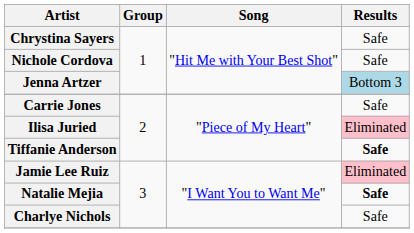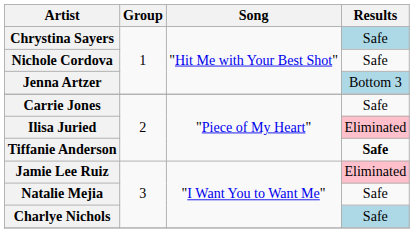 <table class="wikitable plainrowheaders" style="text-align:center;">
 <tr>
 <th scope="col">Artist</th>
 <th scope="col">Group</th>
 <th scope="col">Song</th>
 <th scope="col">Results</th>
 </tr>
 <tr>
 <th scope="row">Chrystina Sayers</th>
 <td rowspan="3">1</td>
 <td rowspan="3">"<a href='#'>Hit Me with Your Best Shot</a>"</td>
-<td>Safe</td>
+<td style="background: lightblue;">Safe</td>
 </tr>
 <tr>
 <th scope="row">Nichole Cordova</th>
 <td>Safe</td>
 </tr>
 <tr>
 <th scope="row">Jenna Artzer</th>
 <td style="background:lightblue;">Bottom 3</td>
 </tr>
 <tr>
 </tr>
 <tr>
 <th scope="row">Carrie Jones</th>
 <td rowspan="3">2</td>
 <td rowspan="3">"<a href='#'>Piece of My Heart</a>"</td>
 <td>Safe</td>
 </tr>
 <tr>
 <th scope="row">Ilisa Juried</th>
 <td style="background:pink;">Eliminated</td>
 </tr>
 <tr>
 <th scope="row">Tiffanie Anderson</th>
 <td><strong>Safe</strong></td>
 </tr>
 <tr>
 <th scope="row">Jamie Lee Ruiz</th>
 <td rowspan="3">3</td>
 <td rowspan="3">"<a href='#'>I Want You to Want Me</a>"</td>
 <td style="background:pink;">Eliminated</td>
 </tr>
 <tr>
 <th scope="row">Natalie Mejia</th>
-<td><strong>Safe</strong></td>
+<td>Safe</td>
 </tr>
 <tr>
 <th scope="row">Charlye Nichols</th>
-<td>Safe</td>
+<td style="background: lightblue;">Safe</td>
 </tr>
 <tr>
 </tr>
 </table>
